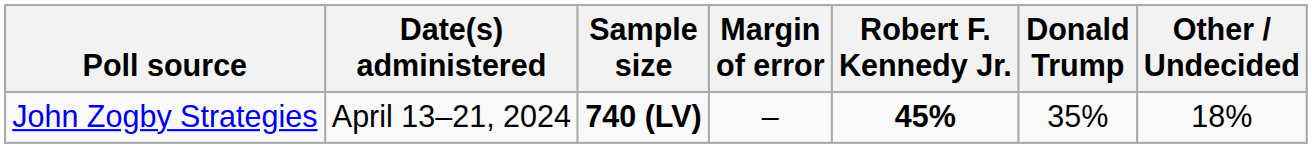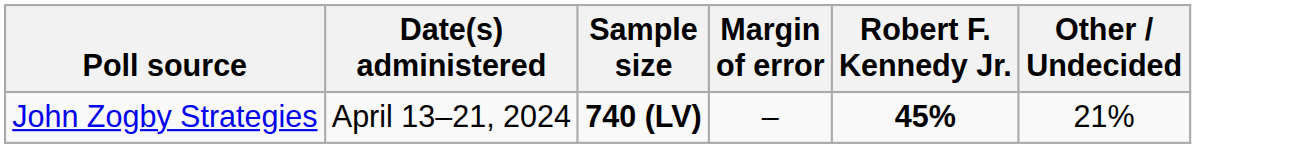 <table class="wikitable sortable mw-datatable" style="font-size:90%;text-align:center;line-height:17px">
 <tr valign=bottom>
 <th>Poll source</th>
 <th>Date(s)<br>administered</th>
 <th>Sample<br>size</th>
 <th>Margin<br>of error</th>
 <th class="unsortable">Robert F.<br>Kennedy Jr.<br></th>
-<th class="unsortable">Donald<br>Trump<br></th>
 <th class="unsortable">Other /<br>Undecided</th>
 </tr>
 <tr>
 <td style="text-align:left;"><a href='#'>John Zogby Strategies</a></td>
 <td data-sort-value="2024-05-01">April 13–21, 2024</td>
 <td><strong>740 (LV)</strong></td>
 <td>–</td>
 <td style="background-color:"><strong>45%</strong></td>
-<td>35%</td>
-<td>18%</td>
+<td>21%</td>
 </tr>
 </table>
